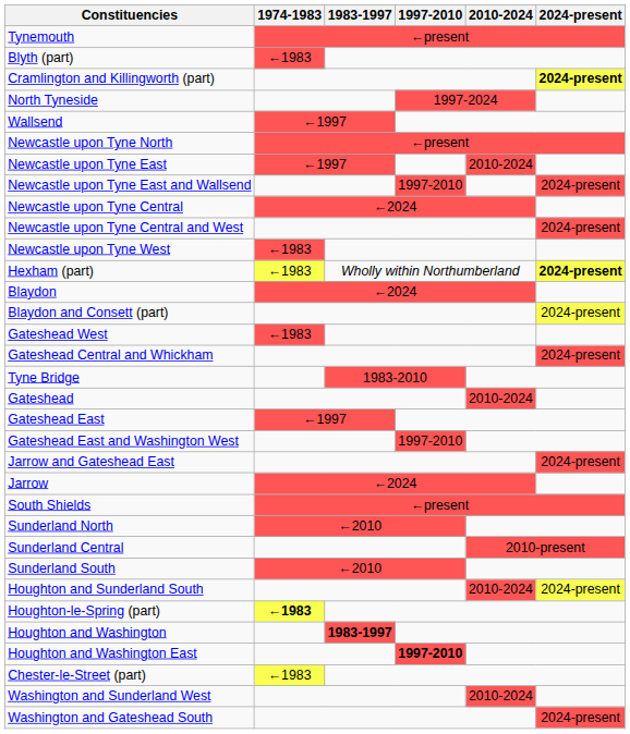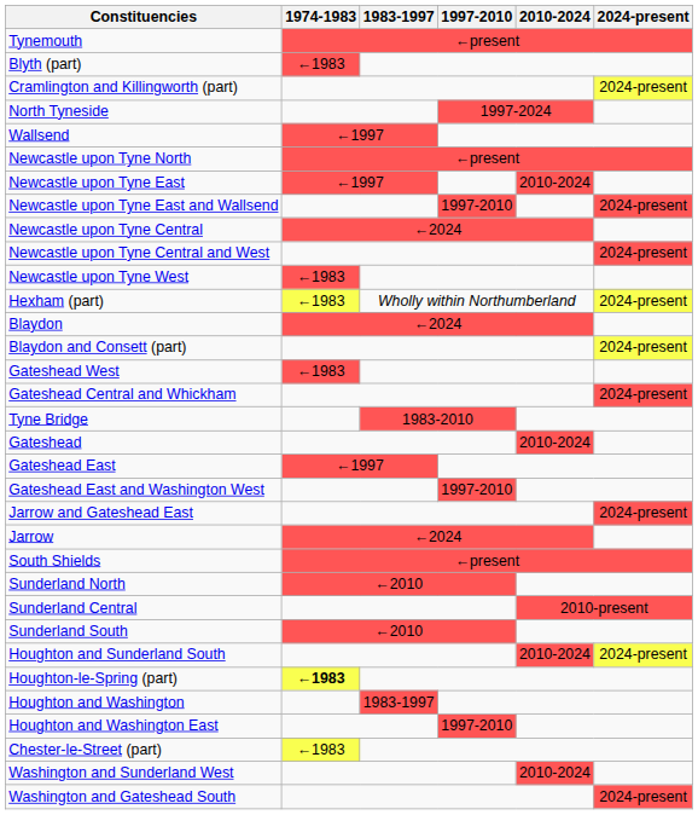 <table class="wikitable">
 <tr>
 <th>Constituencies</th>
 <th>1974-1983</th>
 <th>1983-1997</th>
 <th>1997-2010</th>
 <th>2010-2024</th>
 <th>2024-present</th>
 </tr>
 <tr>
 <td><a href='#'>Tynemouth</a></td>
 <td colspan="5" align="center" bgcolor="#ff5555">←present</td>
 </tr>
 <tr>
 <td><a href='#'>Blyth</a> (part)</td>
 <td align="center" bgcolor="#ff5555">←1983</td>
 <td colspan="4"></td>
 </tr>
 <tr>
 <td><a href='#'>Cramlington and Killingworth</a> (part)</td>
 <td colspan="4"></td>
-<td align="center" bgcolor="#f9ff50"><strong>2024-present</strong></td>
+<td align="center" bgcolor="#f9ff50">2024-present</td>
 </tr>
 <tr>
 <td><a href='#'>North Tyneside</a></td>
 <td colspan="2"></td>
 <td colspan="2" align="center" bgcolor="#ff5555">1997-2024</td>
 <td></td>
 </tr>
 <tr>
 <td><a href='#'>Wallsend</a></td>
 <td colspan="2" align="center" bgcolor="#ff5555">←1997</td>
 <td colspan="3"></td>
 </tr>
 <tr>
 <td><a href='#'>Newcastle upon Tyne North</a></td>
 <td colspan="5" align="center" bgcolor="#ff5555">←present</td>
 </tr>
 <tr>
 <td><a href='#'>Newcastle upon Tyne East</a></td>
 <td colspan="2" align="center" bgcolor="#ff5555">←1997</td>
 <td></td>
 <td align="center" bgcolor="#ff5555">2010-2024</td>
 <td></td>
 </tr>
 <tr>
 <td><a href='#'>Newcastle upon Tyne East and Wallsend</a></td>
 <td colspan="2"></td>
 <td align="center" bgcolor="#ff5555">1997-2010</td>
 <td></td>
 <td align="center" bgcolor="#ff5555">2024-present</td>
 </tr>
 <tr>
 <td><a href='#'>Newcastle upon Tyne Central</a></td>
 <td colspan="4" align="center" bgcolor="#ff5555">←2024</td>
 <td></td>
 </tr>
 <tr>
 <td><a href='#'>Newcastle upon Tyne Central and West</a></td>
 <td colspan="4"></td>
 <td align="center" bgcolor="#ff5555">2024-present</td>
 </tr>
 <tr>
 <td><a href='#'>Newcastle upon Tyne West</a></td>
 <td align="center" bgcolor="#ff5555">←1983</td>
 <td colspan="3"></td>
 <td></td>
 </tr>
 <tr>
 <td><a href='#'>Hexham</a> (part)</td>
 <td align="center" bgcolor="#f9ff50">←1983</td>
 <td colspan="3"  align="center"><em>Wholly within Northumberland</em></td>
-<td align="center" bgcolor="#f9ff50"><strong>2024-present</strong></td>
+<td align="center" bgcolor="#f9ff50">2024-present</td>
 </tr>
 <tr>
 <td><a href='#'>Blaydon</a></td>
 <td colspan="4" align="center" bgcolor="#ff5555">←2024</td>
 <td></td>
 </tr>
 <tr>
 <td><a href='#'>Blaydon and Consett</a> (part)</td>
 <td colspan="4"></td>
 <td align="center" bgcolor="#f9ff50">2024-present</td>
 </tr>
 <tr>
 <td><a href='#'>Gateshead West</a></td>
 <td align="center" bgcolor="#ff5555">←1983</td>
 <td colspan="3"></td>
 <td></td>
 </tr>
 <tr>
 <td><a href='#'>Gateshead Central and Whickham</a></td>
 <td colspan="4"></td>
 <td align="center" bgcolor="#ff5555">2024-present</td>
 </tr>
 <tr>
 <td><a href='#'>Tyne Bridge</a></td>
 <td></td>
 <td colspan="2" align="center" bgcolor="#ff5555">1983-2010</td>
 <td colspan="2"></td>
 </tr>
 <tr>
 <td><a href='#'>Gateshead</a></td>
 <td colspan="3"></td>
 <td align="center" bgcolor="#ff5555">2010-2024</td>
 <td></td>
 </tr>
 <tr>
 <td><a href='#'>Gateshead East</a></td>
 <td colspan="2" align="center" bgcolor="#ff5555">←1997</td>
 <td colspan="3"></td>
 </tr>
 <tr>
 <td><a href='#'>Gateshead East and Washington West</a></td>
 <td colspan="2"></td>
 <td align="center" bgcolor="#ff5555">1997-2010</td>
 <td colspan="2"></td>
 </tr>
 <tr>
 <td><a href='#'>Jarrow and Gateshead East</a></td>
 <td colspan="4"></td>
 <td align="center" bgcolor="#ff5555">2024-present</td>
 </tr>
 <tr>
 <td><a href='#'>Jarrow</a></td>
 <td colspan="4" align="center" bgcolor="#ff5555">←2024</td>
 <td></td>
 </tr>
 <tr>
 <td><a href='#'>South Shields</a></td>
 <td colspan="5" align="center" bgcolor="#ff5555">←present</td>
 </tr>
 <tr>
 <td><a href='#'>Sunderland North</a></td>
 <td colspan="3" align="center" bgcolor="#ff5555">←2010</td>
 <td colspan="2"></td>
 </tr>
 <tr>
 <td><a href='#'>Sunderland Central</a></td>
 <td colspan="3"></td>
 <td colspan="2" align="center" bgcolor="#ff5555">2010-present</td>
 </tr>
 <tr>
 <td><a href='#'>Sunderland South</a></td>
 <td colspan="3" align="center" bgcolor="#ff5555">←2010</td>
 <td colspan="2"></td>
 </tr>
 <tr>
 <td><a href='#'>Houghton and Sunderland South</a></td>
 <td colspan="3"></td>
 <td align="center" bgcolor="#ff5555">2010-2024</td>
 <td align="center" bgcolor="#f9ff50">2024-present</td>
 </tr>
 <tr>
 <td><a href='#'>Houghton-le-Spring</a> (part)</td>
 <td align="center" bgcolor="#f9ff50"><strong>←1983</strong></td>
 <td colspan="4"></td>
 </tr>
 <tr>
 <td><a href='#'>Houghton and Washington</a></td>
 <td></td>
-<td align="center" bgcolor="#ff5555"><strong>1983-1997</strong></td>
+<td align="center" bgcolor="#ff5555">1983-1997</td>
 <td colspan="3"></td>
 </tr>
 <tr>
 <td><a href='#'>Houghton and Washington East</a></td>
 <td colspan="2"></td>
-<td align="center" bgcolor="#ff5555"><strong>1997-2010</strong></td>
+<td align="center" bgcolor="#ff5555">1997-2010</td>
 <td colspan="2"></td>
 </tr>
 <tr>
 <td><a href='#'>Chester-le-Street</a> (part)</td>
 <td align="center" bgcolor="#f9ff50">←1983</td>
 <td colspan="4"></td>
 </tr>
 <tr>
 <td><a href='#'>Washington and Sunderland West</a></td>
 <td colspan="3"></td>
 <td align="center" bgcolor="#ff5555">2010-2024</td>
 <td></td>
 </tr>
 <tr>
 <td><a href='#'>Washington and Gateshead South</a></td>
 <td colspan="4"></td>
 <td align="center" bgcolor="#ff5555">2024-present</td>
 </tr>
 </table>
